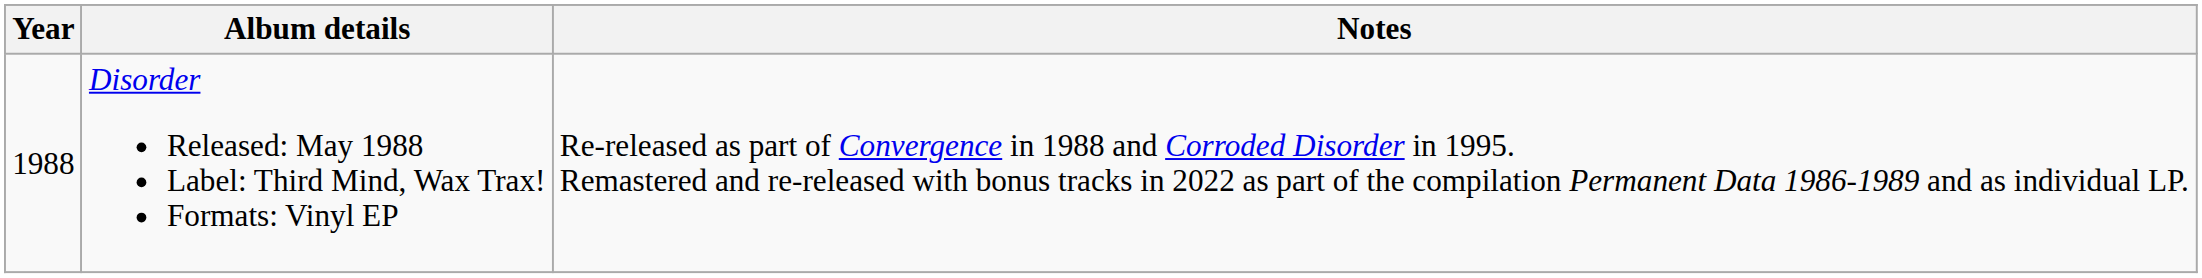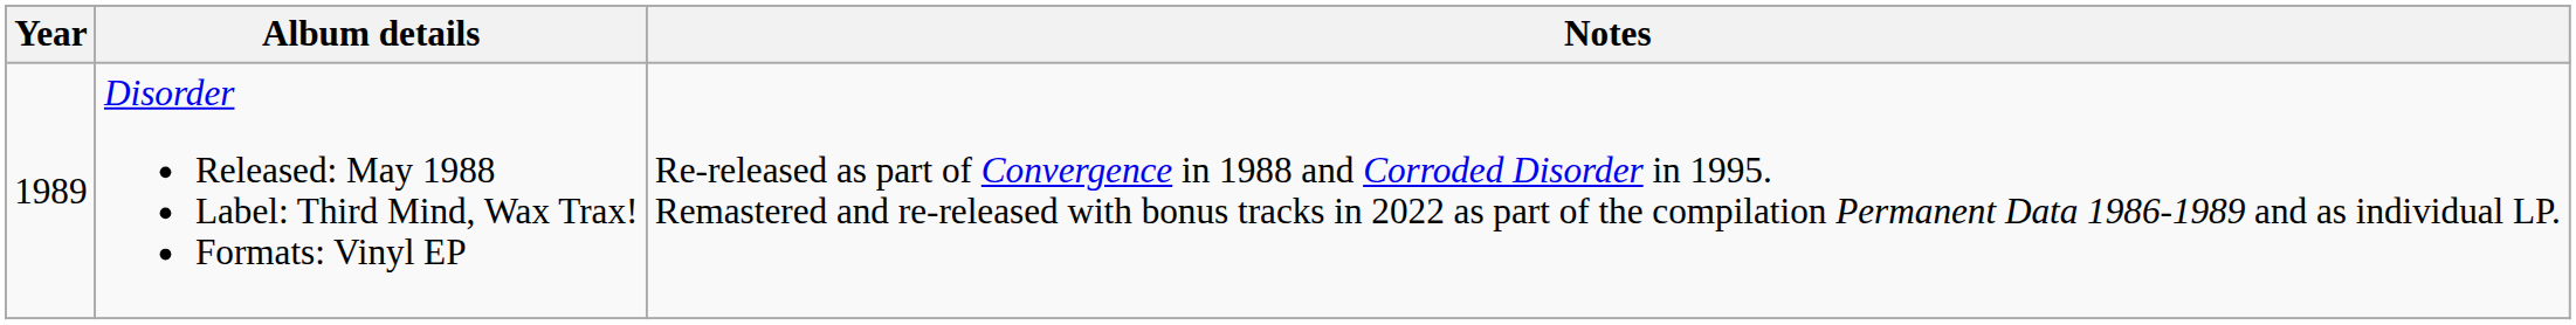 <table class="wikitable">
 <tr>
 <th>Year</th>
 <th>Album details</th>
 <th>Notes</th>
 </tr>
 <tr>
-<td>1988</td>
+<td>1989</td>
 <td><em><a href='#'>Disorder</a></em><br><ul><li>Released: May 1988</li><li>Label: Third Mind, Wax Trax!</li><li>Formats: Vinyl EP</li></ul></td>
 <td>Re-released as part of <em><a href='#'>Convergence</a></em> in 1988 and <em><a href='#'>Corroded Disorder</a></em> in 1995.<br>Remastered and re-released with bonus tracks in 2022 as part of the compilation <em>Permanent Data 1986-1989</em> and as individual LP.</td>
 </tr>
 </table>
